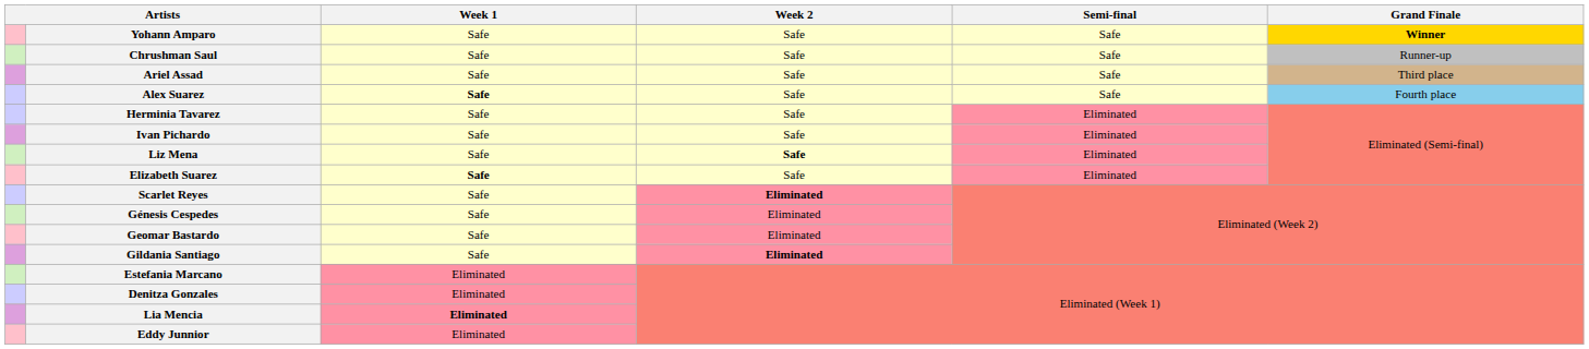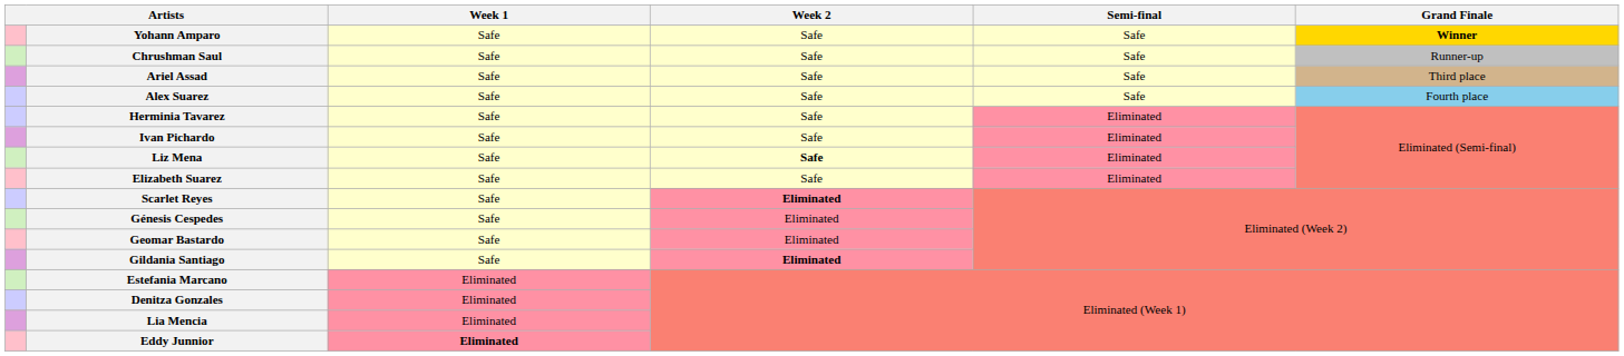 <table class="wikitable" style="text-align:center; font-size:95%; width:100%">
 <tr>
 <th colspan="2">Artists</th>
 <th style="width:15%">Week 1</th>
 <th style="width:15%">Week 2</th>
 <th style="width:15%">Semi-final</th>
 <th style="width:15%">Grand Finale</th>
 </tr>
 <tr>
 <th style="width:01%; background: pink"></th>
 <th style="width:14%">Yohann Amparo</th>
 <td style="background:#FFFFCC">Safe</td>
 <td style="background:#FFFFCC">Safe</td>
 <td style="background:#FFFFCC">Safe</td>
 <td style="background:gold"><strong>Winner</strong></td>
 </tr>
 <tr>
 <th style="background:#d0f0c0"></th>
 <th>Chrushman Saul</th>
 <td style="background:#FFFFCC">Safe</td>
 <td style="background:#FFFFCC">Safe</td>
 <td style="background:#FFFFCC">Safe</td>
 <td style="background:silver">Runner-up</td>
 </tr>
 <tr>
 <th style="background:#dda0dd"></th>
 <th>Ariel Assad</th>
 <td style="background:#FFFFCC">Safe</td>
 <td style="background:#FFFFCC">Safe</td>
 <td style="background:#FFFFCC">Safe</td>
 <td style="background:tan">Third place</td>
 </tr>
 <tr>
 <th style="background:#ccccff"></th>
 <th>Alex Suarez</th>
-<td style="background:#FFFFCC"><strong>Safe</strong></td>
+<td style="background:#FFFFCC">Safe</td>
 <td style="background:#FFFFCC">Safe</td>
 <td style="background:#FFFFCC">Safe</td>
 <td style="background:skyblue">Fourth place</td>
 </tr>
 <tr>
 <th style="background:#ccccff"></th>
 <th>Herminia Tavarez</th>
 <td style="background:#FFFFCC">Safe</td>
 <td style="background:#FFFFCC">Safe</td>
 <td style="background:#FF91A4">Eliminated</td>
 <td style="background:salmon" rowspan="4" colspan="4">Eliminated (Semi-final)</td>
 </tr>
 <tr>
 <th style="background:#dda0dd"></th>
 <th>Ivan Pichardo</th>
 <td style="background:#FFFFCC">Safe</td>
 <td style="background:#FFFFCC">Safe</td>
 <td style="background:#FF91A4">Eliminated</td>
 </tr>
 <tr>
 <th style="background:#d0f0c0"></th>
 <th>Liz Mena</th>
 <td style="background:#FFFFCC">Safe</td>
 <td style="background:#FFFFCC"><strong>Safe</strong></td>
 <td style="background:#FF91A4">Eliminated</td>
 </tr>
 <tr>
 <th style="background: pink"></th>
 <th>Elizabeth Suarez</th>
-<td style="background:#FFFFCC"><strong>Safe</strong></td>
+<td style="background:#FFFFCC">Safe</td>
 <td style="background:#FFFFCC">Safe</td>
 <td style="background:#FF91A4">Eliminated</td>
 </tr>
 <tr>
 <th style="background:#ccccff"></th>
 <th>Scarlet Reyes</th>
 <td style="background:#FFFFCC">Safe</td>
 <td style="background:#FF91A4"><strong>Eliminated</strong></td>
 <td style="background:salmon" rowspan="4" colspan="4">Eliminated (Week 2)</td>
 </tr>
 <tr>
 <th style="background:#d0f0c0"></th>
 <th>Génesis Cespedes</th>
 <td style="background:#FFFFCC">Safe</td>
 <td style="background:#FF91A4">Eliminated</td>
 </tr>
 <tr>
 <th style="background: pink"></th>
 <th>Geomar Bastardo</th>
 <td style="background:#FFFFCC">Safe</td>
 <td style="background:#FF91A4">Eliminated</td>
 </tr>
 <tr>
 <th style="background:#dda0dd"></th>
 <th>Gildania Santiago</th>
 <td style="background:#FFFFCC">Safe</td>
 <td style="background:#FF91A4"><strong>Eliminated</strong></td>
 </tr>
 <tr>
 <th style="background:#d0f0c0"></th>
 <th>Estefania Marcano</th>
 <td style="background:#FF91A4">Eliminated</td>
 <td style="background:salmon" rowspan="4" colspan="5">Eliminated (Week 1)</td>
 </tr>
 <tr>
 <th style="background:#ccccff"></th>
 <th>Denitza Gonzales</th>
 <td style="background:#FF91A4">Eliminated</td>
 </tr>
 <tr>
 <th style="background:#dda0dd"></th>
 <th>Lia Mencia</th>
-<td style="background:#FF91A4"><strong>Eliminated</strong></td>
+<td style="background:#FF91A4">Eliminated</td>
 </tr>
 <tr>
 <th style="background: pink"></th>
 <th>Eddy Junnior</th>
-<td style="background:#FF91A4">Eliminated</td>
+<td style="background:#FF91A4"><strong>Eliminated</strong></td>
 </tr>
 </table>
